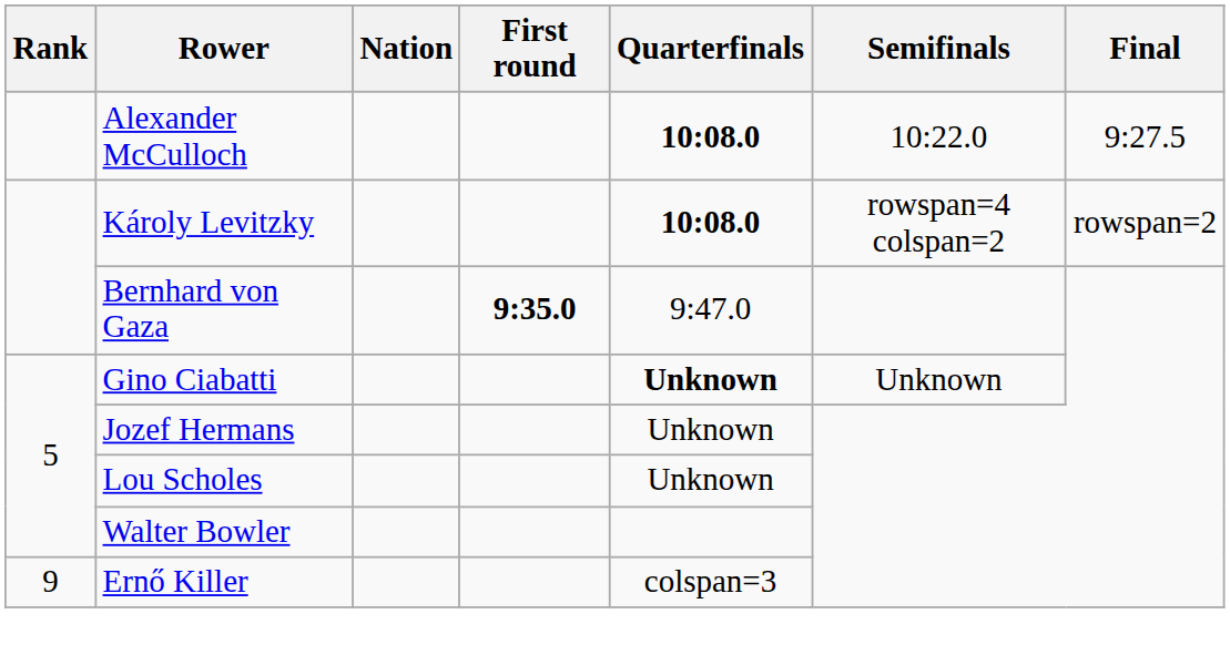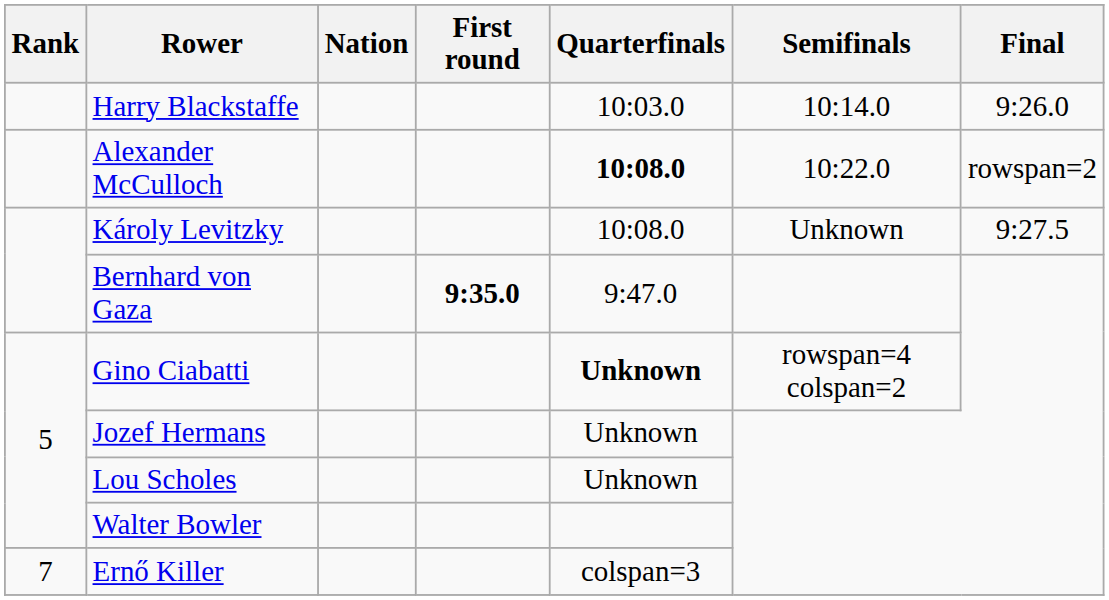 <table class="wikitable sortable" style="text-align:center">
 <tr>
 <th>Rank</th>
 <th>Rower</th>
 <th>Nation</th>
 <th>First round</th>
 <th>Quarterfinals</th>
 <th>Semifinals</th>
 <th>Final</th>
 </tr>
 <tr>
 <td></td>
+<td align=left><a href='#'>Harry Blackstaffe</a></td>
+<td align=left></td>
+<td></td>
+<td>10:03.0</td>
+<td>10:14.0</td>
+<td>9:26.0</td>
+</tr>
+<tr>
+<td></td>
 <td align=left><a href='#'>Alexander McCulloch</a></td>
 <td align=left></td>
 <td></td>
 <td><strong>10:08.0</strong></td>
 <td>10:22.0</td>
-<td>9:27.5</td>
+<td>rowspan=2 </td>
 </tr>
 <tr>
 <td align=center rowspan=2></td>
 <td align=left><a href='#'>Károly Levitzky</a></td>
 <td align=left></td>
 <td></td>
-<td><strong>10:08.0</strong></td>
-<td>rowspan=4 colspan=2 </td>
-<td>rowspan=2 </td>
+<td>10:08.0</td>
+<td data-sort-value=20:00.0>Unknown</td>
+<td>9:27.5</td>
 </tr>
 <tr>
 <td align=left><a href='#'>Bernhard von Gaza</a></td>
 <td align=left></td>
 <td><strong>9:35.0</strong></td>
 <td>9:47.0</td>
 <td data-sort-value=20:00.0></td>
 </tr>
 <tr>
 <td align=center rowspan=4>5</td>
 <td align=left><a href='#'>Gino Ciabatti</a></td>
 <td align=left></td>
 <td></td>
 <td data-sort-value=20:00.0><strong>Unknown</strong></td>
-<td data-sort-value=20:00.0>Unknown</td>
+<td>rowspan=4 colspan=2 </td>
 </tr>
 <tr>
 <td align=left><a href='#'>Jozef Hermans</a></td>
 <td align=left></td>
 <td></td>
 <td data-sort-value=20:00.0>Unknown</td>
 </tr>
 <tr>
 <td align=left><a href='#'>Lou Scholes</a></td>
 <td align=left></td>
 <td></td>
 <td data-sort-value=20:00.0>Unknown</td>
 </tr>
 <tr>
 <td align=left><a href='#'>Walter Bowler</a></td>
 <td align=left></td>
 <td></td>
 <td data-sort-value=20:00.0></td>
 </tr>
 <tr>
-<td>9</td>
+<td>7</td>
 <td align=left><a href='#'>Ernő Killer</a></td>
 <td align=left></td>
 <td data-sort-value=20:00.0></td>
 <td>colspan=3 </td>
 </tr>
 </table>
